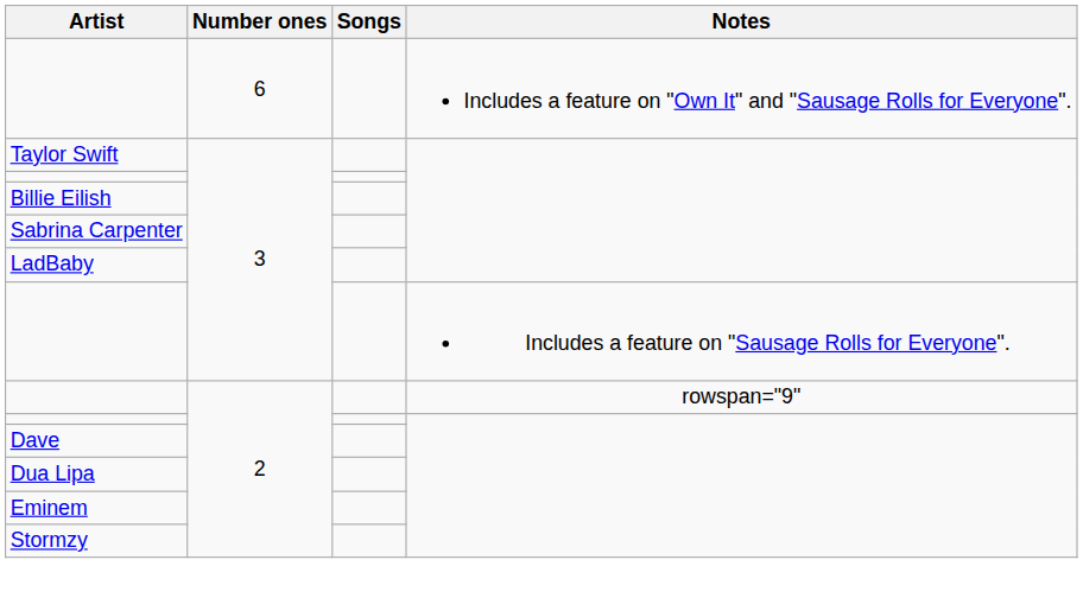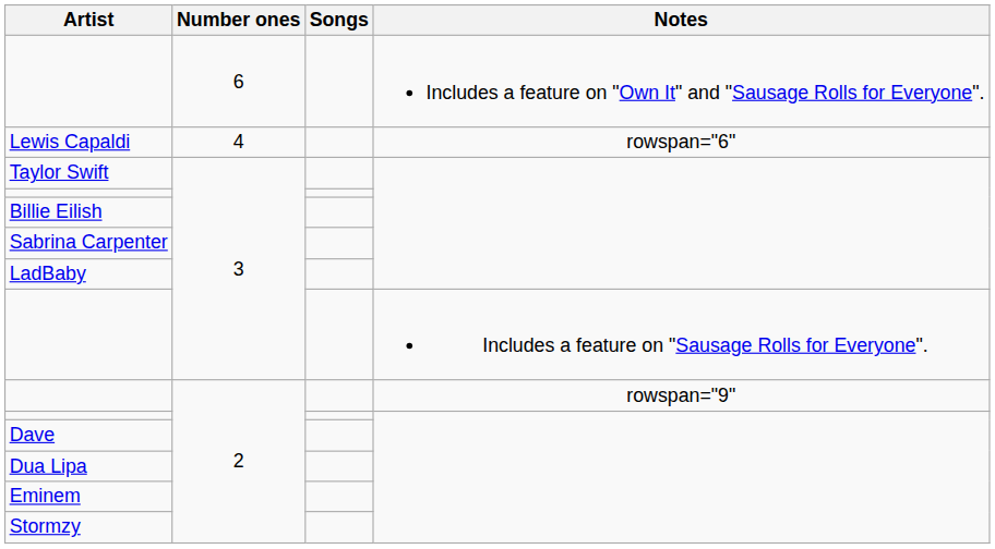 <table class="wikitable sortable" style="text-align:center;">
 <tr>
 <th scope=col>Artist</th>
 <th scope=col>Number ones</th>
 <th scope=col>Songs</th>
 <th scope=col>Notes</th>
 </tr>
 <tr>
 <td align=left></td>
 <td>6</td>
 <td title =List></td>
 <td><br><ul><li>Includes a feature on "<a href='#'>Own It</a>" and "<a href='#'>Sausage Rolls for Everyone</a>".</li></ul></td>
+</tr>
+<tr>
+<td align=left><a href='#'>Lewis Capaldi</a></td>
+<td>4</td>
+<td></td>
+<td>rowspan="6" </td>
 </tr>
 <tr>
 <td align=left><a href='#'>Taylor Swift</a></td>
 <td rowspan="6">3</td>
 <td></td>
 </tr>
 <tr>
 <td align=left></td>
 <td></td>
 </tr>
 <tr>
 <td align=left><a href='#'>Billie Eilish</a></td>
 <td></td>
 </tr>
 <tr>
 <td align=left><a href='#'>Sabrina Carpenter</a></td>
 <td></td>
 </tr>
 <tr>
 <td align=left><a href='#'>LadBaby</a></td>
 <td></td>
 </tr>
 <tr>
 <td align=left></td>
 <td title =List></td>
 <td><br><ul><li>Includes a feature on "<a href='#'>Sausage Rolls for Everyone</a>".</li></ul></td>
 </tr>
 <tr>
 <td align=left></td>
 <td rowspan="7">2</td>
 <td title =List></td>
 <td>rowspan="9" </td>
 </tr>
 <tr>
 <td align=left></td>
 <td></td>
 </tr>
 <tr>
 <td align=left><a href='#'>Dave</a></td>
 <td></td>
 </tr>
 <tr>
 <td align=left><a href='#'>Dua Lipa</a></td>
 <td></td>
 </tr>
 <tr>
 <td align=left><a href='#'>Eminem</a></td>
 <td></td>
 </tr>
 <tr>
 <td align=left><a href='#'>Stormzy</a></td>
 <td></td>
 </tr>
 </table>
